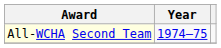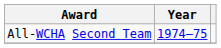 <table class="wikitable">
 <tr>
 <th>Award</th>
 <th>Year</th>
 <th></th>
 </tr>
 <tr>
-<td style="background: lightyellow;">All-<a href='#'>WCHA</a> <a href='#'>Second Team</a></td>
+<td>All-<a href='#'>WCHA</a> <a href='#'>Second Team</a></td>
 <td><a href='#'>1974–75</a></td>
 <td></td>
 </tr>
 <tr>
 </tr>
 </table>
